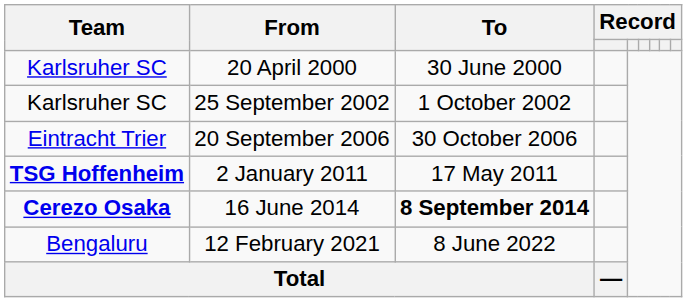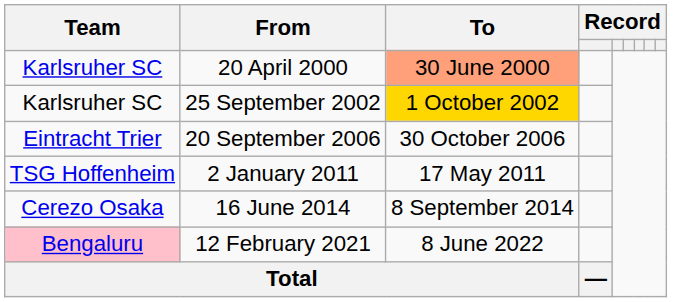 <table class="wikitable" style="text-align: center">
 <tr>
 <th rowspan=2>Team</th>
 <th rowspan=2>From</th>
 <th rowspan=2>To</th>
 <th colspan=6>Record</th>
 </tr>
 <tr>
 <th></th>
 <th></th>
 <th></th>
 <th></th>
 <th></th>
 <th></th>
 </tr>
 <tr>
 <td><a href='#'>Karlsruher SC</a></td>
 <td>20 April 2000</td>
-<td>30 June 2000<br></td>
+<td style="background: lightsalmon;">30 June 2000<br></td>
 <td></td>
 </tr>
 <tr>
 <td>Karlsruher SC</td>
 <td>25 September 2002</td>
-<td>1 October 2002<br></td>
+<td style="background: gold;">1 October 2002<br></td>
 <td></td>
 </tr>
 <tr>
 <td><a href='#'>Eintracht Trier</a></td>
 <td>20 September 2006</td>
 <td>30 October 2006<br></td>
 <td></td>
 </tr>
 <tr>
-<td><strong><a href='#'>TSG Hoffenheim</a></strong></td>
+<td><a href='#'>TSG Hoffenheim</a></td>
 <td>2 January 2011</td>
 <td>17 May 2011<br></td>
 <td></td>
 </tr>
 <tr>
-<td><strong><a href='#'>Cerezo Osaka</a></strong></td>
+<td><a href='#'>Cerezo Osaka</a></td>
 <td>16 June 2014</td>
-<td><strong>8 September 2014<br></strong></td>
+<td>8 September 2014<br></td>
 <td></td>
 </tr>
 <tr>
-<td><a href='#'>Bengaluru</a></td>
+<td style="background: pink;"><a href='#'>Bengaluru</a></td>
 <td>12 February 2021</td>
 <td>8 June 2022<br></td>
 <td></td>
 </tr>
 <tr>
 <th colspan="3">Total<br></th>
 <th>—</th>
 </tr>
 </table>
